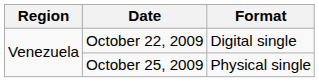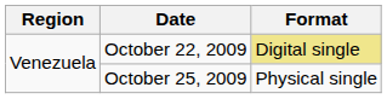 <table class="wikitable">
 <tr>
 <th>Region</th>
 <th>Date</th>
 <th>Format</th>
 </tr>
 <tr>
 <td rowspan="2">Venezuela</td>
 <td>October 22, 2009</td>
-<td>Digital single</td>
+<td style="background: khaki;">Digital single</td>
 </tr>
 <tr>
 <td>October 25, 2009</td>
 <td>Physical single</td>
 </tr>
 </table>
